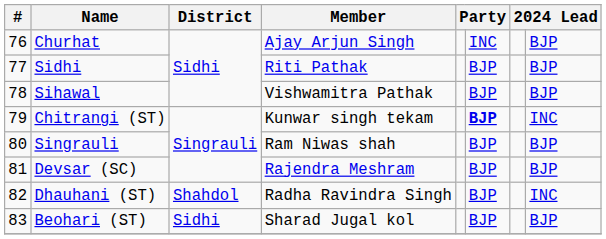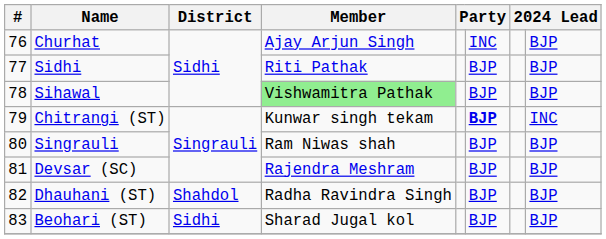 <table class="wikitable">
 <tr>
 <th>#</th>
 <th>Name</th>
 <th>District</th>
 <th>Member</th>
 <th colspan="2">Party</th>
 <th colspan="2">2024 Lead</th>
 </tr>
 <tr>
 <td>76</td>
 <td><a href='#'>Churhat</a></td>
 <td rowspan="3"><a href='#'>Sidhi</a></td>
 <td><a href='#'>Ajay Arjun Singh</a></td>
 <td style="background-color: "></td>
 <td><a href='#'>INC</a></td>
 <td style="background-color: "></td>
 <td><a href='#'>BJP</a></td>
 </tr>
 <tr>
 <td>77</td>
 <td><a href='#'>Sidhi</a></td>
 <td><a href='#'>Riti Pathak</a></td>
 <td style="background-color: "></td>
 <td><a href='#'>BJP</a></td>
 <td style="background-color: "></td>
 <td><a href='#'>BJP</a></td>
 </tr>
 <tr>
 <td>78</td>
 <td><a href='#'>Sihawal</a></td>
-<td>Vishwamitra Pathak</td>
+<td style="background: lightgreen;">Vishwamitra Pathak</td>
 <td style="background-color: "></td>
 <td><a href='#'>BJP</a></td>
 <td style="background-color: "></td>
 <td><a href='#'>BJP</a></td>
 </tr>
 <tr>
 <td>79</td>
 <td><a href='#'>Chitrangi</a> (ST)</td>
 <td rowspan="3"><a href='#'>Singrauli</a></td>
 <td>Kunwar singh tekam</td>
 <td style="background-color: "></td>
 <td><strong><a href='#'>BJP</a></strong></td>
 <td style="background-color: "></td>
 <td><a href='#'>INC</a></td>
 </tr>
 <tr>
 <td>80</td>
 <td><a href='#'>Singrauli</a></td>
 <td>Ram Niwas shah</td>
 <td style="background-color: "></td>
 <td><a href='#'>BJP</a></td>
 <td style="background-color: "></td>
 <td><a href='#'>BJP</a></td>
 </tr>
 <tr>
 <td>81</td>
 <td><a href='#'>Devsar</a> (SC)</td>
 <td><a href='#'>Rajendra Meshram</a></td>
 <td style="background-color: "></td>
 <td><a href='#'>BJP</a></td>
 <td style="background-color: "></td>
 <td><a href='#'>BJP</a></td>
 </tr>
 <tr>
 <td>82</td>
 <td><a href='#'>Dhauhani</a> (ST)</td>
 <td><a href='#'>Shahdol</a></td>
 <td>Radha Ravindra Singh</td>
 <td style="background-color: "></td>
 <td><a href='#'>BJP</a></td>
 <td style="background-color: "></td>
-<td><a href='#'>INC</a></td>
+<td><a href='#'>BJP</a></td>
 </tr>
 <tr>
 <td>83</td>
 <td><a href='#'>Beohari</a> (ST)</td>
 <td><a href='#'>Sidhi</a></td>
 <td>Sharad Jugal kol</td>
 <td style="background-color: "></td>
 <td><a href='#'>BJP</a></td>
 <td style="background-color: "></td>
 <td><a href='#'>BJP</a></td>
 </tr>
 <tr>
 </tr>
 </table>
